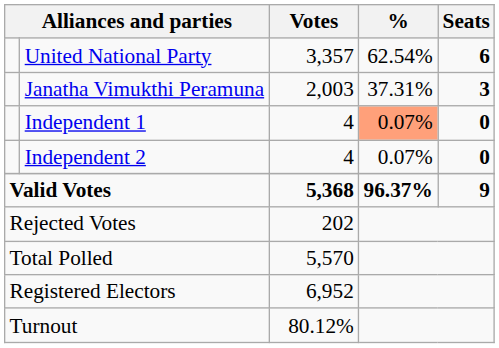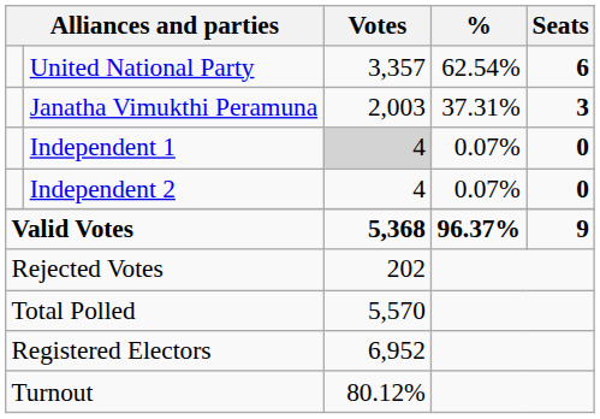 <table class="wikitable" border="1" style="text-align:right;">
 <tr>
 <th valign=bottom align=left colspan=2>Alliances and parties</th>
 <th valign=bottom align=center width="60">Votes</th>
 <th valign=bottom align=center width="50">%</th>
 <th valign=bottom align=center>Seats</th>
 </tr>
 <tr>
 <td bgcolor=> </td>
 <td align=left><a href='#'>United National Party</a></td>
 <td>3,357</td>
 <td>62.54%</td>
 <td><strong>6</strong></td>
 </tr>
 <tr>
 <td bgcolor=> </td>
 <td align=left><a href='#'>Janatha Vimukthi Peramuna</a></td>
 <td>2,003</td>
 <td>37.31%</td>
 <td><strong>3</strong></td>
 </tr>
 <tr>
 <td></td>
 <td align=left><a href='#'>Independent 1</a></td>
-<td>4</td>
-<td style="background: lightsalmon;">0.07%</td>
+<td style="background: lightgrey;">4</td>
+<td>0.07%</td>
 <td><strong>0</strong></td>
 </tr>
 <tr>
 <td></td>
 <td align=left><a href='#'>Independent 2</a></td>
 <td>4</td>
 <td>0.07%</td>
 <td><strong>0</strong></td>
 </tr>
 <tr>
 </tr>
 <tr>
 <td colspan=2 align=left><strong>Valid Votes</strong></td>
 <td><strong>5,368</strong></td>
 <td><strong>96.37%</strong></td>
 <td><strong>9</strong></td>
 </tr>
 <tr>
 <td colspan=2 align=left>Rejected Votes</td>
 <td>202</td>
 <td colspan=2></td>
 </tr>
 <tr>
 <td colspan=2 align=left>Total Polled</td>
 <td>5,570</td>
 <td colspan=2></td>
 </tr>
 <tr>
 <td colspan=2 align=left>Registered Electors</td>
 <td>6,952</td>
 <td colspan=2></td>
 </tr>
 <tr>
 <td colspan=2 align=left>Turnout</td>
 <td>80.12%</td>
 <td colspan=2></td>
 </tr>
 </table>
